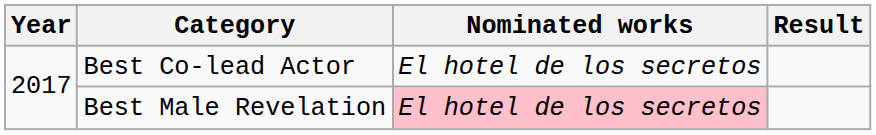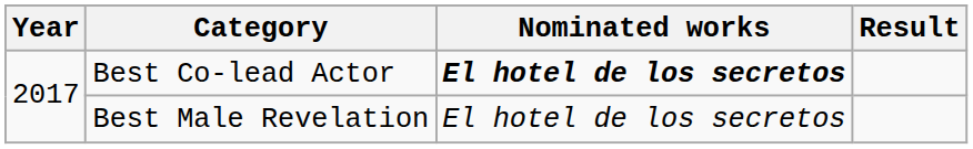 <table class="wikitable">
 <tr>
 <th>Year</th>
 <th>Category</th>
 <th>Nominated works</th>
 <th>Result</th>
 </tr>
 <tr>
 <td rowspan=2>2017</td>
 <td>Best Co-lead Actor</td>
-<td><em>El hotel de los secretos</em></td>
+<td><strong><em>El hotel de los secretos</em></strong></td>
 <td></td>
 </tr>
 <tr>
 <td>Best Male Revelation</td>
-<td style="background: pink;"><em>El hotel de los secretos</em></td>
+<td><em>El hotel de los secretos</em></td>
 <td></td>
 </tr>
 </table>
